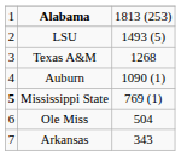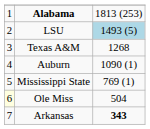 <table class="wikitable" style="display: inline-table;">
 <tr align="center">
 </tr>
 <tr align="center">
 <td>1</td>
 <td><strong>Alabama</strong></td>
 <td>1813 (253)</td>
 </tr>
 <tr align="center">
 <td>2</td>
 <td>LSU</td>
-<td>1493 (5)</td>
+<td style="background: lightblue;">1493 (5)</td>
 </tr>
 <tr align="center">
 <td>3</td>
 <td>Texas A&M</td>
 <td>1268</td>
 </tr>
 <tr align="center">
 <td>4</td>
 <td>Auburn</td>
 <td>1090 (1)</td>
 </tr>
 <tr align="center">
-<td><strong>5</strong></td>
+<td>5</td>
 <td>Mississippi State</td>
 <td>769 (1)</td>
 </tr>
 <tr align="center">
-<td>6</td>
+<td style="background: lightyellow;">6</td>
 <td>Ole Miss</td>
 <td>504</td>
 </tr>
 <tr align="center">
 <td>7</td>
 <td>Arkansas</td>
-<td>343</td>
+<td><strong>343</strong></td>
 </tr>
 </table>
